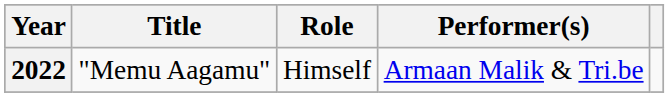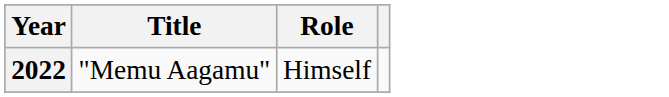 <table class="wikitable plainrowheaders ">
 <tr>
 <th scope="col">Year</th>
 <th scope="col">Title</th>
 <th scope="col">Role</th>
-<th scope="col">Performer(s)</th>
 <th scope="col" class="unsortable"></th>
 </tr>
 <tr>
 <th scope="row">2022</th>
 <td>"Memu Aagamu"</td>
 <td>Himself</td>
-<td><a href='#'>Armaan Malik</a> & <a href='#'>Tri.be</a></td>
 <td></td>
 </tr>
 </table>
